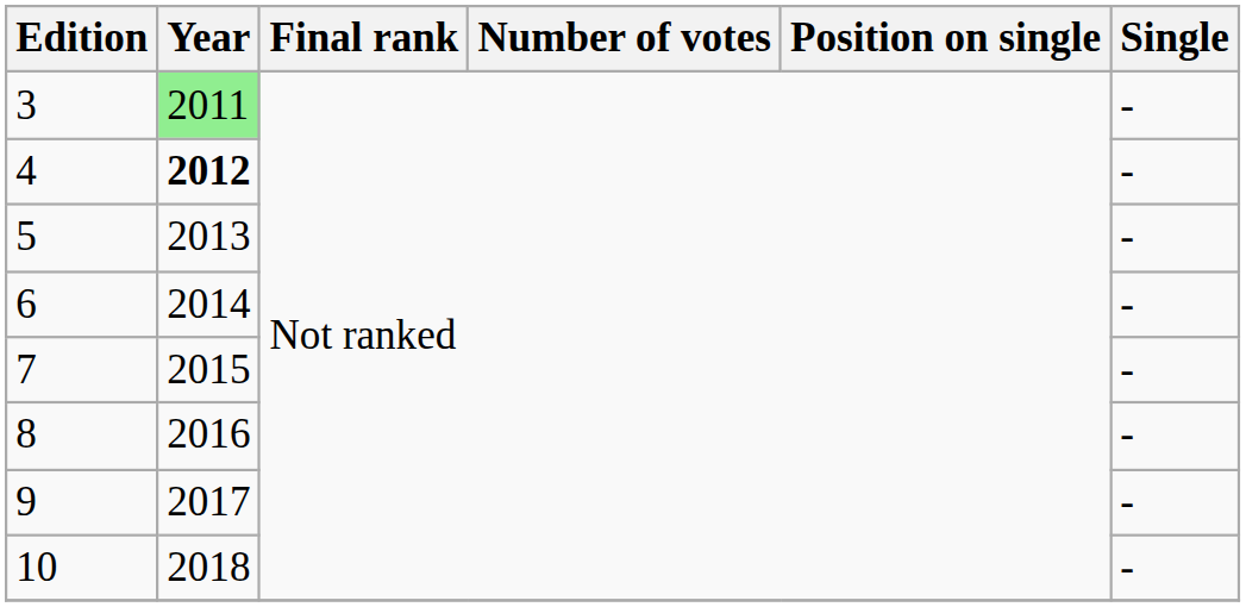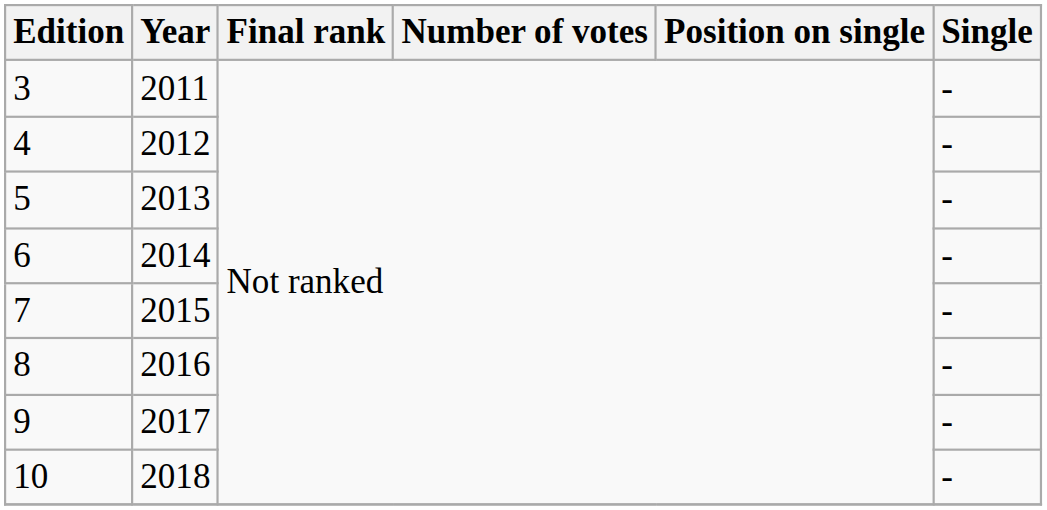 <table class="wikitable sortable">
 <tr>
 <th>Edition</th>
 <th>Year</th>
 <th>Final rank</th>
 <th>Number of votes</th>
 <th>Position on single</th>
 <th>Single</th>
 </tr>
 <tr>
 <td>3</td>
-<td style="background: lightgreen;">2011</td>
+<td>2011</td>
 <td colspan="3" rowspan="8">Not ranked</td>
 <td>-</td>
 </tr>
 <tr>
 <td>4</td>
-<td><strong>2012</strong></td>
+<td>2012</td>
 <td>-</td>
 </tr>
 <tr>
 <td>5</td>
 <td>2013</td>
 <td>-</td>
 </tr>
 <tr>
 <td>6</td>
 <td>2014</td>
 <td>-</td>
 </tr>
 <tr>
 <td>7</td>
 <td>2015</td>
 <td>-</td>
 </tr>
 <tr>
 <td>8</td>
 <td>2016</td>
 <td>-</td>
 </tr>
 <tr>
 <td>9</td>
 <td>2017</td>
 <td>-</td>
 </tr>
 <tr>
 <td>10</td>
 <td>2018</td>
 <td>-</td>
 </tr>
 <tr>
 </tr>
 </table>
